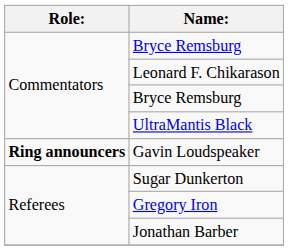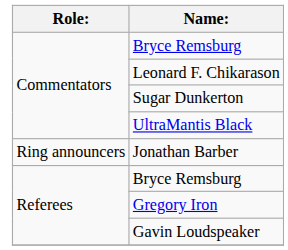 <table class=wikitable style="font-size:90%; margin: 0.5em 0 0.5em 1em; float: right; clear: right;">
 <tr>
 <th>Role:</th>
 <th>Name:</th>
 </tr>
 <tr>
 <td rowspan=4>Commentators</td>
 <td><a href='#'>Bryce Remsburg</a></td>
 </tr>
 <tr>
 <td>Leonard F. Chikarason</td>
 </tr>
 <tr>
-<td>Bryce Remsburg</td>
+<td>Sugar Dunkerton</td>
 </tr>
 <tr>
 <td><a href='#'>UltraMantis Black</a></td>
 </tr>
 <tr>
-<td rowspan=1><strong>Ring announcers</strong></td>
-<td>Gavin Loudspeaker</td>
+<td rowspan=1>Ring announcers</td>
+<td>Jonathan Barber</td>
 </tr>
 <tr>
 <td rowspan=3>Referees</td>
-<td>Sugar Dunkerton</td>
+<td>Bryce Remsburg</td>
 </tr>
 <tr>
 <td><a href='#'>Gregory Iron</a></td>
 </tr>
 <tr>
-<td>Jonathan Barber</td>
+<td>Gavin Loudspeaker</td>
 </tr>
 <tr>
 </tr>
 </table>
